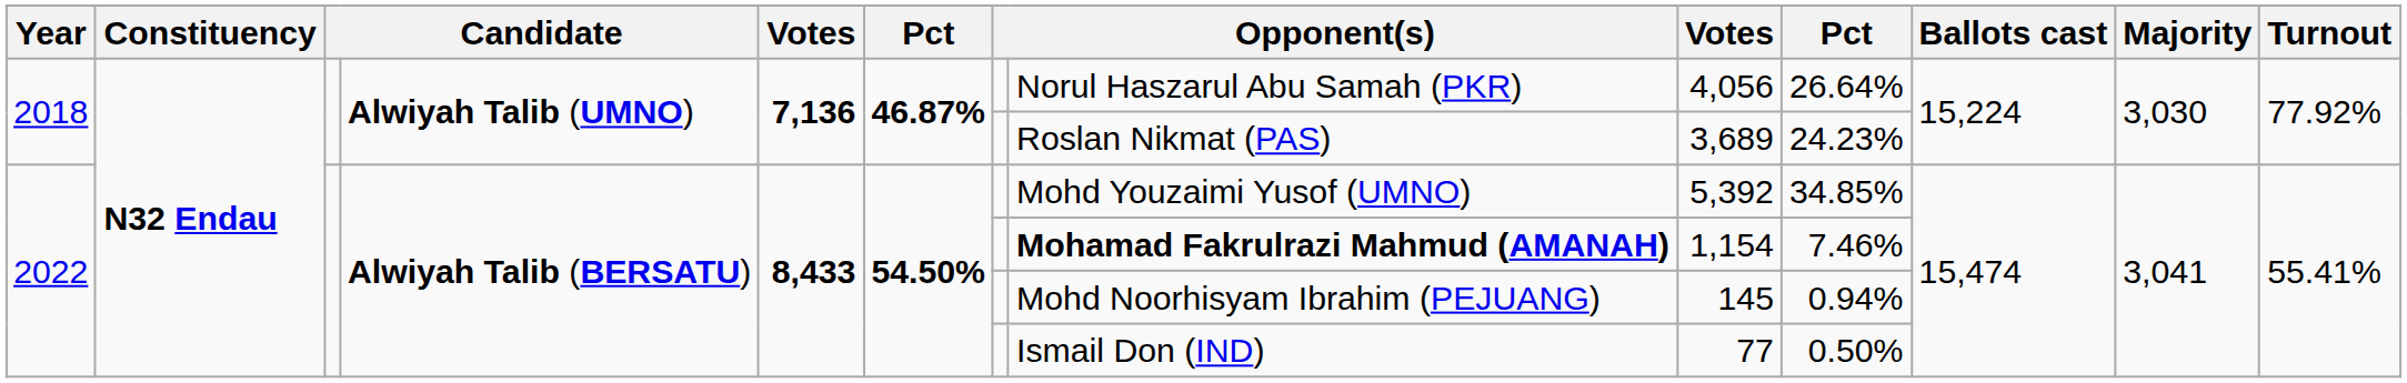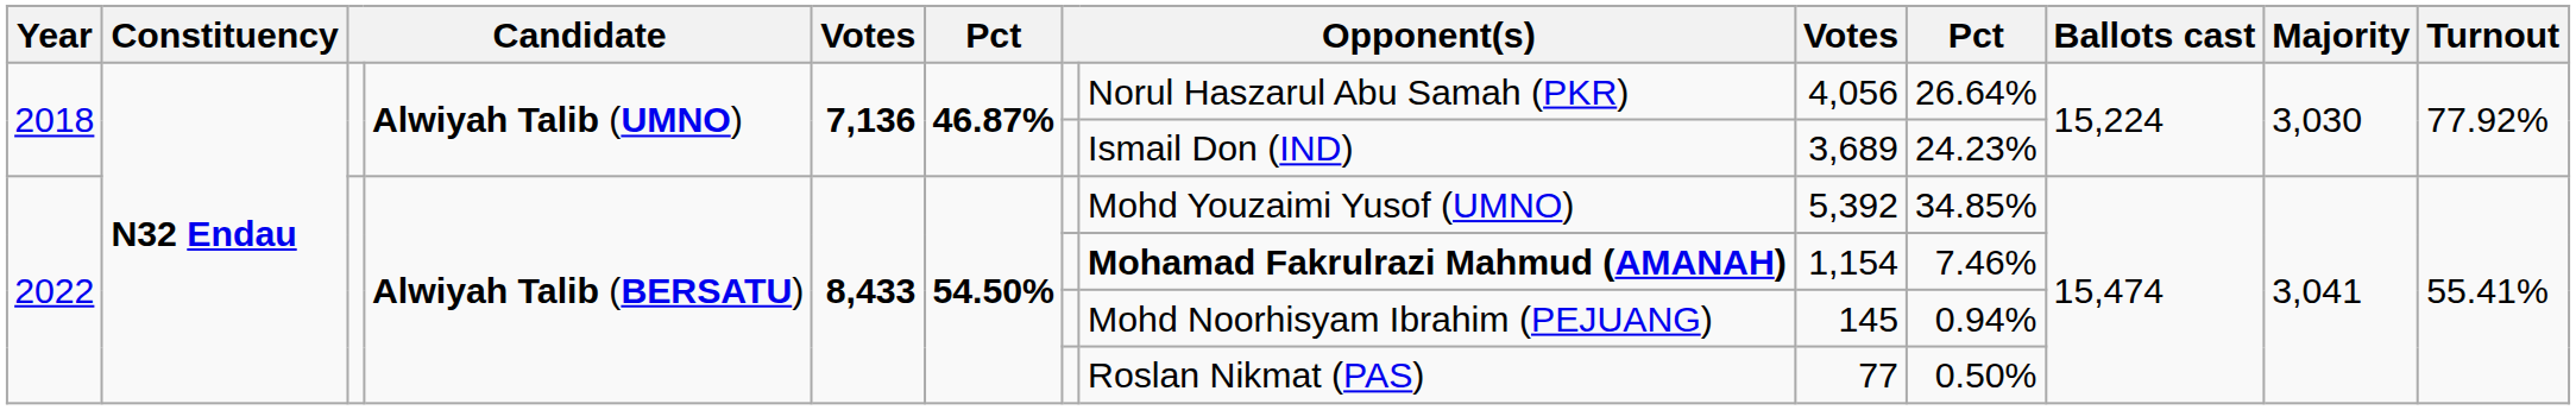 <table class="wikitable" style="margin:0.5em ; font-size:95%">
 <tr>
 <th>Year</th>
 <th>Constituency</th>
 <th colspan="2">Candidate</th>
 <th>Votes</th>
 <th>Pct</th>
 <th colspan="2">Opponent(s)</th>
 <th>Votes</th>
 <th>Pct</th>
 <th>Ballots cast</th>
 <th>Majority</th>
 <th>Turnout</th>
 </tr>
 <tr>
 <td rowspan="2"><a href='#'>2018</a></td>
 <td rowspan="6"><strong>N32 <a href='#'>Endau</a></strong></td>
 <td rowspan="2" ></td>
 <td rowspan="2"><strong>Alwiyah Talib</strong> (<a href='#'><strong>UMNO</strong></a>)</td>
 <td rowspan="2" align=right><strong>7,136</strong></td>
 <td rowspan="2"><strong>46.87%</strong></td>
 <td></td>
 <td>Norul Haszarul Abu Samah (<a href='#'>PKR</a>)</td>
 <td align=right>4,056</td>
 <td>26.64%</td>
 <td rowspan="2">15,224</td>
 <td rowspan="2">3,030</td>
 <td rowspan="2">77.92%</td>
 </tr>
 <tr>
 <td></td>
-<td>Roslan Nikmat (<a href='#'>PAS</a>)</td>
+<td>Ismail Don (<a href='#'>IND</a>)</td>
 <td align=right>3,689</td>
 <td>24.23%</td>
 </tr>
 <tr>
 <td rowspan="4"><a href='#'>2022</a></td>
 <td rowspan="4"></td>
 <td rowspan="4"><strong>Alwiyah Talib</strong> (<a href='#'><strong>BERSATU</strong></a>)</td>
 <td rowspan="4"  align=right><strong>8,433</strong></td>
 <td rowspan="4"><strong>54.50%</strong></td>
 <td></td>
 <td>Mohd Youzaimi Yusof (<a href='#'>UMNO</a>)</td>
 <td align=right>5,392</td>
 <td>34.85%</td>
 <td rowspan="4">15,474</td>
 <td rowspan="4">3,041</td>
 <td rowspan="4">55.41%</td>
 </tr>
 <tr>
 <td></td>
 <td><strong>Mohamad Fakrulrazi Mahmud (<a href='#'>AMANAH</a>)</strong></td>
 <td align=right>1,154</td>
 <td align=right>7.46%</td>
 </tr>
 <tr>
 <td></td>
 <td>Mohd Noorhisyam Ibrahim (<a href='#'>PEJUANG</a>)</td>
 <td align=right>145</td>
 <td align=right>0.94%</td>
 </tr>
 <tr>
 <td></td>
-<td>Ismail Don (<a href='#'>IND</a>)</td>
+<td>Roslan Nikmat (<a href='#'>PAS</a>)</td>
 <td align=right>77</td>
 <td align=right>0.50%</td>
 </tr>
 </table>
